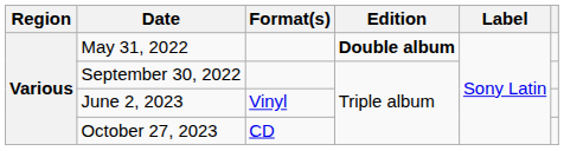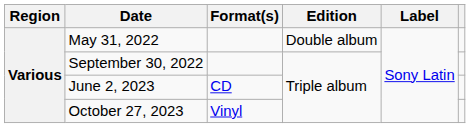 <table class="wikitable plainrowheaders">
 <tr>
 <th scope="col">Region</th>
 <th scope="col">Date</th>
 <th scope="col">Format(s)</th>
 <th scope="col">Edition</th>
 <th scope="col">Label</th>
 <th scope="col"></th>
 </tr>
 <tr>
 <th scope="row" rowspan="4">Various</th>
 <td>May 31, 2022</td>
 <td></td>
-<td><strong>Double album</strong></td>
+<td>Double album</td>
 <td rowspan="4"><a href='#'>Sony Latin</a></td>
 <td style="text-align:center;"></td>
 </tr>
 <tr>
 <td>September 30, 2022</td>
 <td></td>
 <td rowspan="3">Triple album</td>
 <td style="text-align:center;"></td>
 </tr>
 <tr>
 <td>June 2, 2023</td>
-<td><a href='#'>Vinyl</a></td>
+<td><a href='#'>CD</a></td>
 <td style="text-align:center;"></td>
 </tr>
 <tr>
 <td>October 27, 2023</td>
-<td><a href='#'>CD</a></td>
+<td><a href='#'>Vinyl</a></td>
 <td style="text-align:center;"></td>
 </tr>
 </table>
